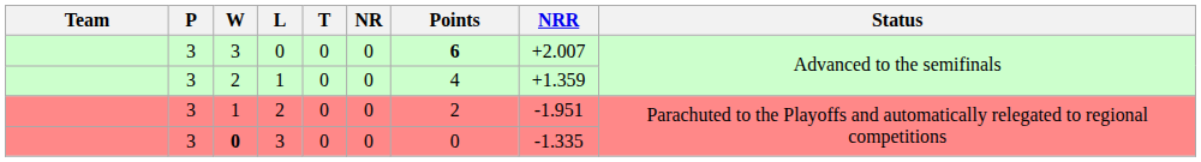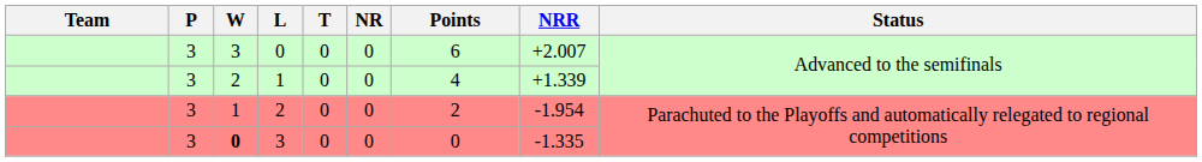 <table class="wikitable" style="text-align:center;">
 <tr>
 <th width=130>Team</th>
 <th width=30 abbr="Played">P</th>
 <th width=30 abbr="Won">W</th>
 <th width=30 abbr="Lost">L</th>
 <th width=30 abbr="Tied">T</th>
 <th width=30 abbr="No result">NR</th>
 <th width=100 abbr="Points">Points</th>
 <th width=60 abbr="Net run rate"><a href='#'>NRR</a></th>
 <th width=495>Status</th>
 </tr>
 <tr bgcolor=ccffcc>
 <td align="left"></td>
 <td>3</td>
 <td>3</td>
 <td>0</td>
 <td>0</td>
 <td>0</td>
-<td><strong>6</strong></td>
+<td>6</td>
 <td>+2.007</td>
 <td rowspan=2>Advanced to the semifinals</td>
 </tr>
 <tr bgcolor=ccffcc>
 <td align="left"></td>
 <td>3</td>
 <td>2</td>
 <td>1</td>
 <td>0</td>
 <td>0</td>
 <td>4</td>
-<td>+1.359</td>
+<td>+1.339</td>
 </tr>
 <tr bgcolor=#FF8888>
 <td align="left"></td>
 <td>3</td>
 <td>1</td>
 <td>2</td>
 <td>0</td>
 <td>0</td>
 <td>2</td>
-<td>-1.951</td>
+<td>-1.954</td>
 <td rowspan=2>Parachuted to the Playoffs and automatically relegated to regional competitions</td>
 </tr>
 <tr bgcolor=#FF8888>
 <td align="left"></td>
 <td>3</td>
 <td><strong>0</strong></td>
 <td>3</td>
 <td>0</td>
 <td>0</td>
 <td>0</td>
 <td>-1.335</td>
 </tr>
 </table>
